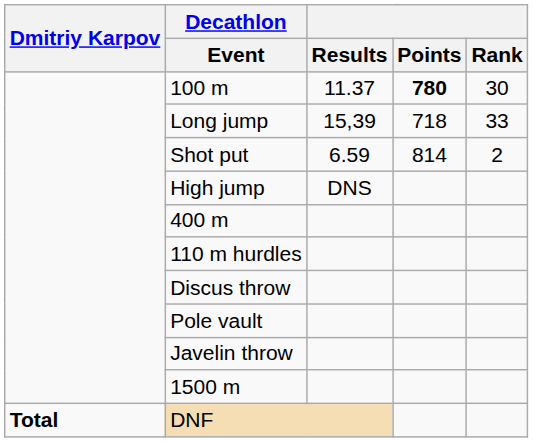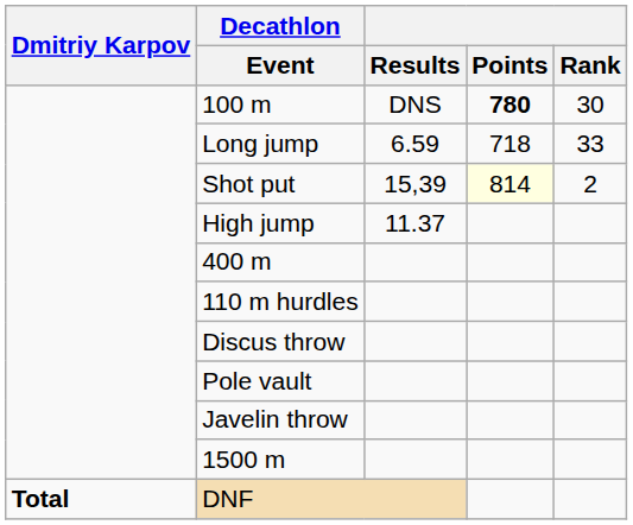 <table class=wikitable style="font-size:90%;">
 <tr>
 <th rowspan="2"><strong><a href='#'>Dmitriy Karpov</a></strong></th>
 <th><a href='#'>Decathlon</a></th>
 <th colspan="3"></th>
 </tr>
 <tr>
 <th>Event</th>
 <th>Results</th>
 <th>Points</th>
 <th>Rank</th>
 </tr>
 <tr style="border-top: single;">
 <td rowspan="10"></td>
 <td>100 m</td>
-<td align=center>11.37</td>
+<td align=center>DNS</td>
 <td align=center><strong>780</strong></td>
 <td align=center>30</td>
 </tr>
 <tr>
 <td>Long jump</td>
-<td align=center>15,39</td>
+<td align=center>6.59</td>
 <td align=center>718</td>
 <td align=center>33</td>
 </tr>
 <tr>
 <td>Shot put</td>
-<td align=center>6.59</td>
-<td align=center>814</td>
+<td align=center>15,39</td>
+<td align=center style="background: lightyellow;">814</td>
 <td align=center>2</td>
 </tr>
 <tr>
 <td>High jump</td>
-<td align=center>DNS</td>
+<td align=center>11.37</td>
 <td align=center></td>
 <td align=center></td>
 </tr>
 <tr>
 <td>400 m</td>
 <td align=center></td>
 <td align=center></td>
 <td align=center></td>
 </tr>
 <tr>
 <td>110 m hurdles</td>
 <td align=center></td>
 <td align=center></td>
 <td align=center></td>
 </tr>
 <tr>
 <td>Discus throw</td>
 <td align=center></td>
 <td align=center></td>
 <td align=center></td>
 </tr>
 <tr>
 <td>Pole vault</td>
 <td align=center></td>
 <td align=center></td>
 <td align=center></td>
 </tr>
 <tr>
 <td>Javelin throw</td>
 <td align=center></td>
 <td align=center></td>
 <td align=center></td>
 </tr>
 <tr>
 <td>1500 m</td>
 <td align=center></td>
 <td align=center></td>
 <td align=center></td>
 </tr>
 <tr style="border-top: single;">
 <td><strong>Total</strong></td>
 <td colspan="2" style="background:wheat;">DNF</td>
 <td align=center></td>
 <td align=center></td>
 </tr>
 </table>
